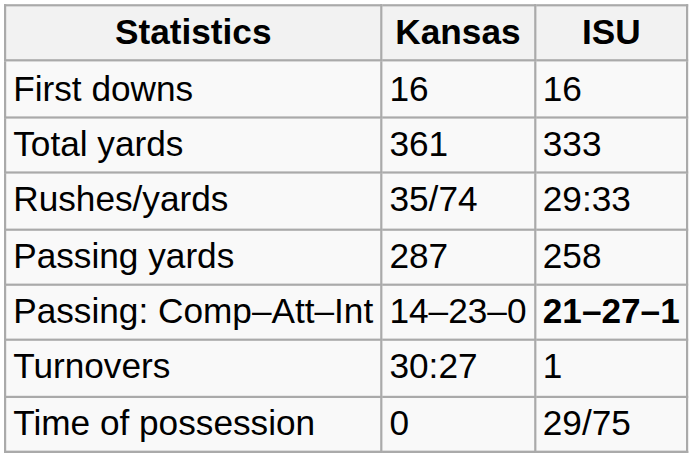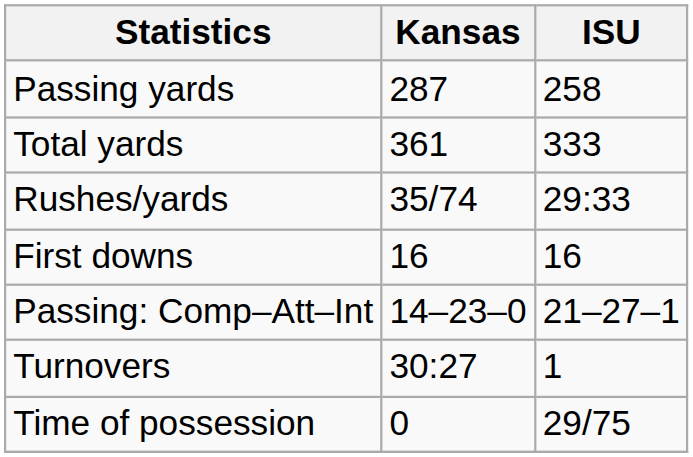 <table class="wikitable" style="float: left;">
 <tr>
 <th>Statistics</th>
 <th>Kansas</th>
 <th>ISU</th>
 </tr>
 <tr>
-<td>First downs</td>
-<td>16</td>
-<td>16</td>
+<td>Passing yards</td>
+<td>287</td>
+<td>258</td>
 </tr>
 <tr>
 <td>Total yards</td>
 <td>361</td>
 <td>333</td>
 </tr>
 <tr>
 <td>Rushes/yards</td>
 <td>35/74</td>
 <td>29:33</td>
 </tr>
 <tr>
-<td>Passing yards</td>
-<td>287</td>
-<td>258</td>
+<td>First downs</td>
+<td>16</td>
+<td>16</td>
 </tr>
 <tr>
 <td>Passing: Comp–Att–Int</td>
 <td>14–23–0</td>
-<td><strong>21–27–1</strong></td>
+<td>21–27–1</td>
 </tr>
 <tr>
 <td>Turnovers</td>
 <td>30:27</td>
 <td>1</td>
 </tr>
 <tr>
 <td>Time of possession</td>
 <td>0</td>
 <td>29/75</td>
 </tr>
 <tr>
 </tr>
 </table>
